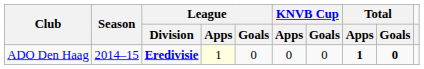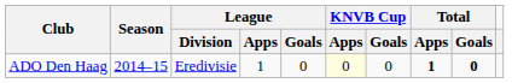 <table class="wikitable" style="text-align:center">
 <tr>
 <th rowspan="2">Club</th>
 <th rowspan="2">Season</th>
 <th colspan="3">League</th>
 <th colspan="2"><a href='#'>KNVB Cup</a></th>
 <th colspan="2">Total</th>
 </tr>
 <tr>
 <th>Division</th>
 <th>Apps</th>
 <th>Goals</th>
 <th>Apps</th>
 <th>Goals</th>
 <th>Apps</th>
 <th>Goals</th>
 <th></th>
 </tr>
 <tr>
 <td><a href='#'>ADO Den Haag</a></td>
 <td><a href='#'>2014–15</a></td>
-<td><strong><a href='#'>Eredivisie</a></strong></td>
-<td style="background: lightyellow;">1</td>
+<td><a href='#'>Eredivisie</a></td>
+<td>1</td>
 <td>0</td>
-<td>0</td>
+<td style="background: lightyellow;">0</td>
 <td>0</td>
 <td><strong>1</strong></td>
 <td><strong>0</strong></td>
 </tr>
 </table>
